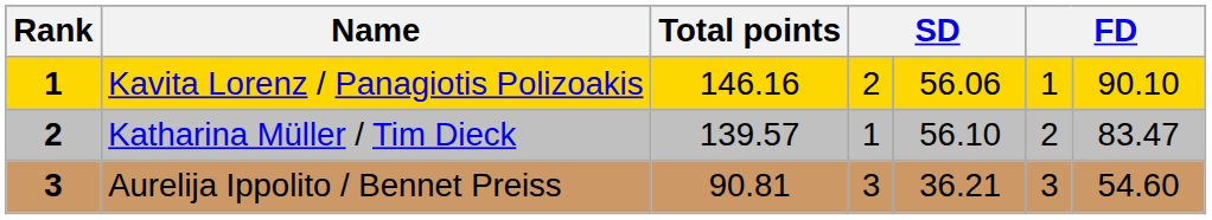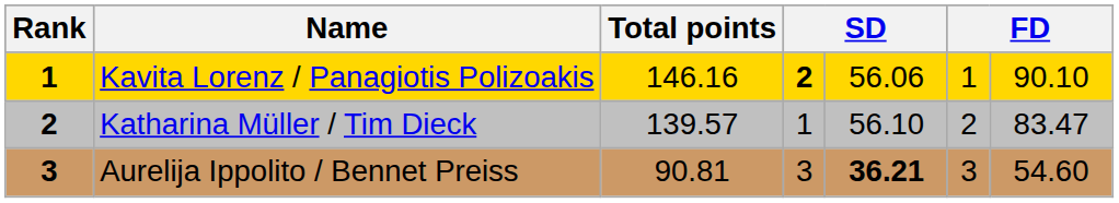 <table class="wikitable sortable">
 <tr>
 <th>Rank</th>
 <th>Name</th>
 <th>Total points</th>
 <th colspan="2" width="80px"><a href='#'>SD</a></th>
 <th colspan="2" width="80px"><a href='#'>FD</a></th>
 </tr>
 <tr bgcolor="gold">
 <td align="center"><strong>1</strong></td>
 <td><a href='#'>Kavita Lorenz</a> / <a href='#'>Panagiotis Polizoakis</a></td>
 <td align="center">146.16</td>
-<td align="center">2</td>
+<td align="center"><strong>2</strong></td>
 <td align="center">56.06</td>
 <td align="center">1</td>
 <td align="center">90.10</td>
 </tr>
 <tr bgcolor="silver">
 <td align="center"><strong>2</strong></td>
 <td><a href='#'>Katharina Müller</a> / <a href='#'>Tim Dieck</a></td>
 <td align="center">139.57</td>
 <td align="center">1</td>
 <td align="center">56.10</td>
 <td align="center">2</td>
 <td align="center">83.47</td>
 </tr>
 <tr bgcolor="cc9966">
 <td align="center"><strong>3</strong></td>
 <td>Aurelija Ippolito / Bennet Preiss</td>
 <td align="center">90.81</td>
 <td align="center">3</td>
-<td align="center">36.21</td>
+<td align="center"><strong>36.21</strong></td>
 <td align="center">3</td>
 <td align="center">54.60</td>
 </tr>
 </table>
